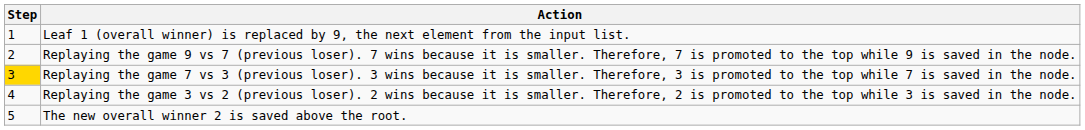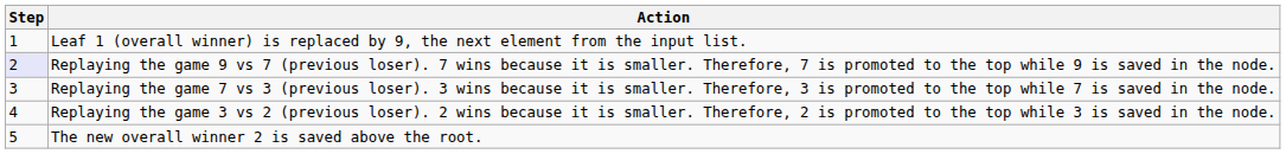 <table class="wikitable">
 <tr>
 <th>Step</th>
 <th>Action</th>
 </tr>
 <tr>
 <td>1</td>
 <td>Leaf 1 (overall winner) is replaced by 9, the next element from the input list.</td>
 </tr>
 <tr>
-<td>2</td>
+<td style="background: lavender;">2</td>
 <td>Replaying the game 9 vs 7 (previous loser). 7 wins because it is smaller. Therefore, 7 is promoted to the top while 9 is saved in the node.</td>
 </tr>
 <tr>
-<td style="background: gold;">3</td>
+<td>3</td>
 <td>Replaying the game 7 vs 3 (previous loser). 3 wins because it is smaller. Therefore, 3 is promoted to the top while 7 is saved in the node.</td>
 </tr>
 <tr>
 <td>4</td>
 <td>Replaying the game 3 vs 2 (previous loser). 2 wins because it is smaller. Therefore, 2 is promoted to the top while 3 is saved in the node.</td>
 </tr>
 <tr>
 <td>5</td>
 <td>The new overall winner 2 is saved above the root.</td>
 </tr>
 </table>
